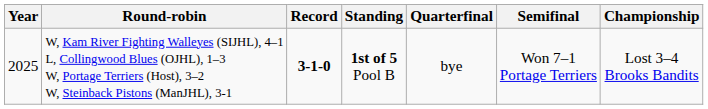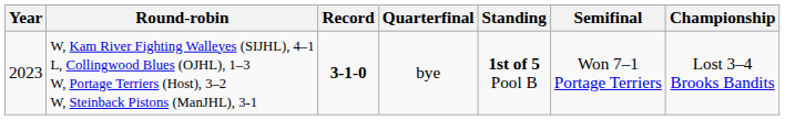 <table class="wikitable" style="text-align:center;">
 <tr>
 <th>Year</th>
 <th>Round-robin</th>
 <th>Record</th>
+<th>Quarterfinal</th>
 <th>Standing</th>
-<th>Quarterfinal</th>
 <th>Semifinal</th>
 <th>Championship</th>
 </tr>
 <tr>
-<td>2025</td>
+<td>2023</td>
 <td align=left><small>W, <a href='#'>Kam River Fighting Walleyes</a> (SIJHL), 4–1<br>L, <a href='#'>Collingwood Blues</a> (OJHL), 1–3<br>W, <a href='#'>Portage Terriers</a> (Host), 3–2<br>W, <a href='#'>Steinback Pistons</a> (ManJHL), 3-1</small></td>
 <td><strong>3-1-0</strong></td>
+<td>bye</td>
 <td><strong>1st of 5</strong> <br>Pool B</td>
-<td>bye</td>
 <td>Won 7–1<br><a href='#'>Portage Terriers</a></td>
 <td>Lost 3–4<br><a href='#'>Brooks Bandits</a></td>
 </tr>
 </table>
